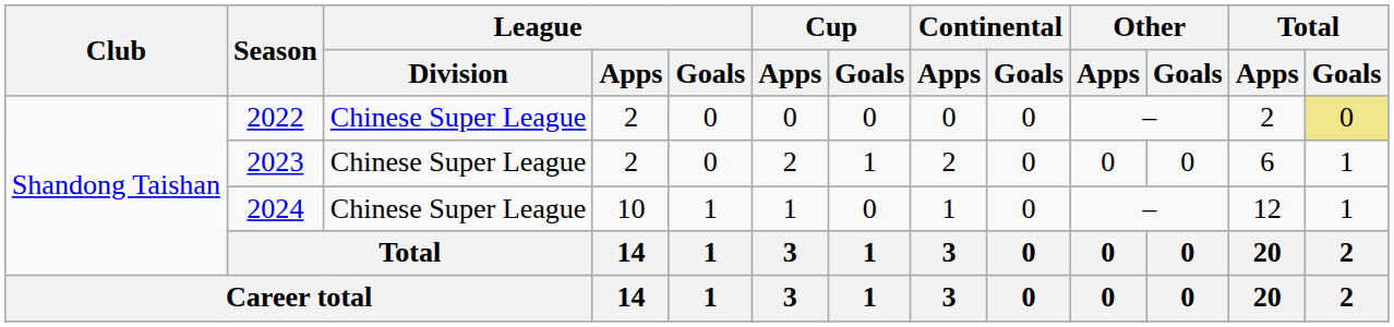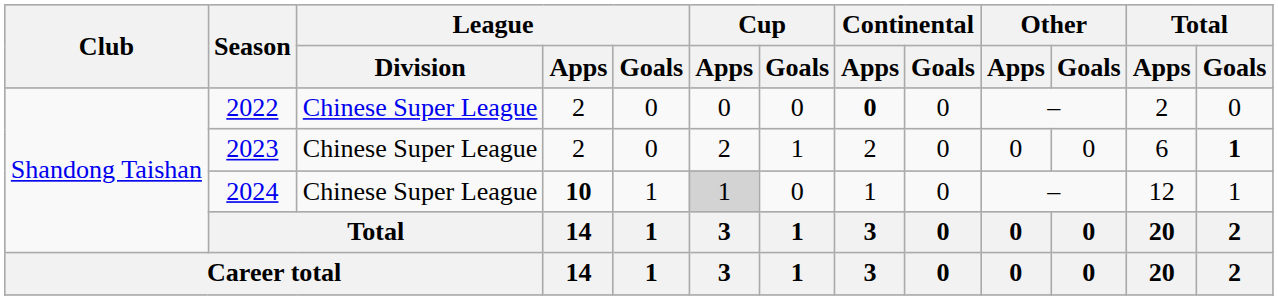 <table class="wikitable" style="text-align: center">
 <tr>
 <th rowspan="2">Club</th>
 <th rowspan="2">Season</th>
 <th colspan="3">League</th>
 <th colspan="2">Cup</th>
 <th colspan="2">Continental</th>
 <th colspan="2">Other</th>
 <th colspan="2">Total</th>
 </tr>
 <tr>
 <th>Division</th>
 <th>Apps</th>
 <th>Goals</th>
 <th>Apps</th>
 <th>Goals</th>
 <th>Apps</th>
 <th>Goals</th>
 <th>Apps</th>
 <th>Goals</th>
 <th>Apps</th>
 <th>Goals</th>
 </tr>
 <tr>
 <td rowspan="4"><a href='#'>Shandong Taishan</a></td>
 <td><a href='#'>2022</a></td>
 <td><a href='#'>Chinese Super League</a></td>
 <td>2</td>
 <td>0</td>
 <td>0</td>
 <td>0</td>
-<td>0</td>
+<td><strong>0</strong></td>
 <td>0</td>
 <td colspan="2">–</td>
 <td>2</td>
-<td style="background: khaki;">0</td>
+<td>0</td>
 </tr>
 <tr>
 <td><a href='#'>2023</a></td>
 <td>Chinese Super League</td>
 <td>2</td>
 <td>0</td>
 <td>2</td>
 <td>1</td>
 <td>2</td>
 <td>0</td>
 <td>0</td>
 <td>0</td>
 <td>6</td>
-<td>1</td>
+<td><strong>1</strong></td>
 </tr>
 <tr>
 <td><a href='#'>2024</a></td>
 <td>Chinese Super League</td>
-<td>10</td>
+<td><strong>10</strong></td>
 <td>1</td>
-<td>1</td>
+<td style="background: lightgrey;">1</td>
 <td>0</td>
 <td>1</td>
 <td>0</td>
 <td colspan="2">–</td>
 <td>12</td>
 <td>1</td>
 </tr>
 <tr>
 <th colspan=2>Total</th>
 <th>14</th>
 <th>1</th>
 <th>3</th>
 <th>1</th>
 <th>3</th>
 <th>0</th>
 <th>0</th>
 <th>0</th>
 <th>20</th>
 <th>2</th>
 </tr>
 <tr>
 <th colspan=3>Career total</th>
 <th>14</th>
 <th>1</th>
 <th>3</th>
 <th>1</th>
 <th>3</th>
 <th>0</th>
 <th>0</th>
 <th>0</th>
 <th>20</th>
 <th>2</th>
 </tr>
 </table>
